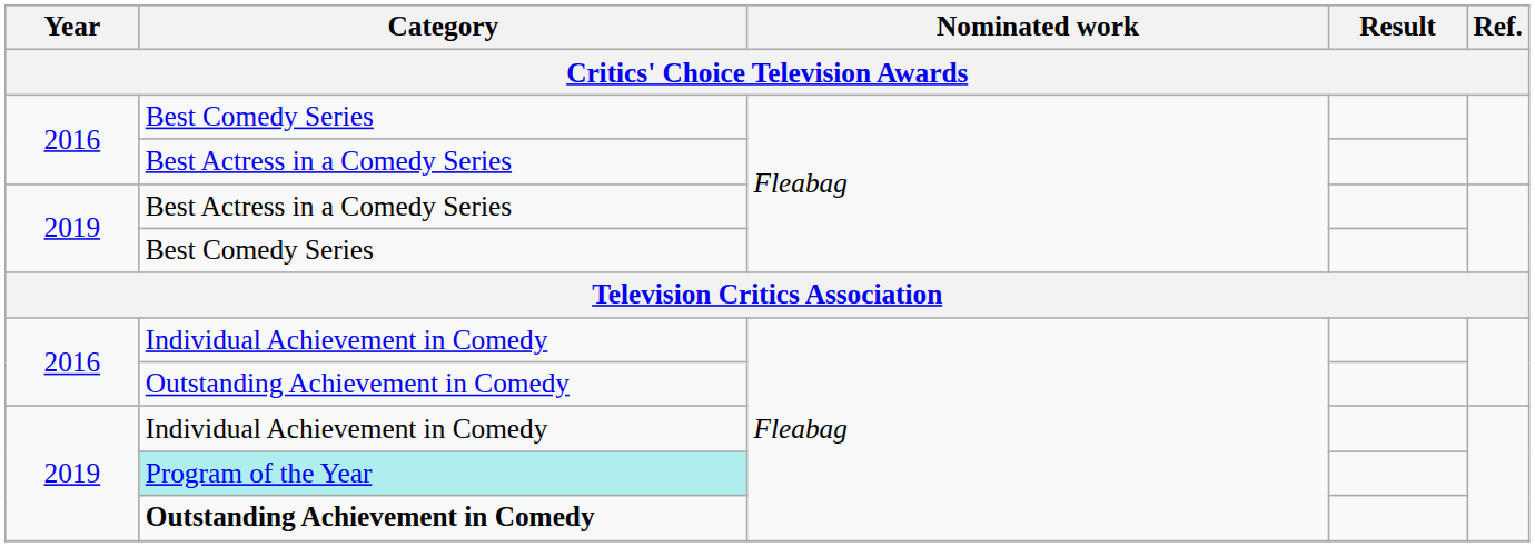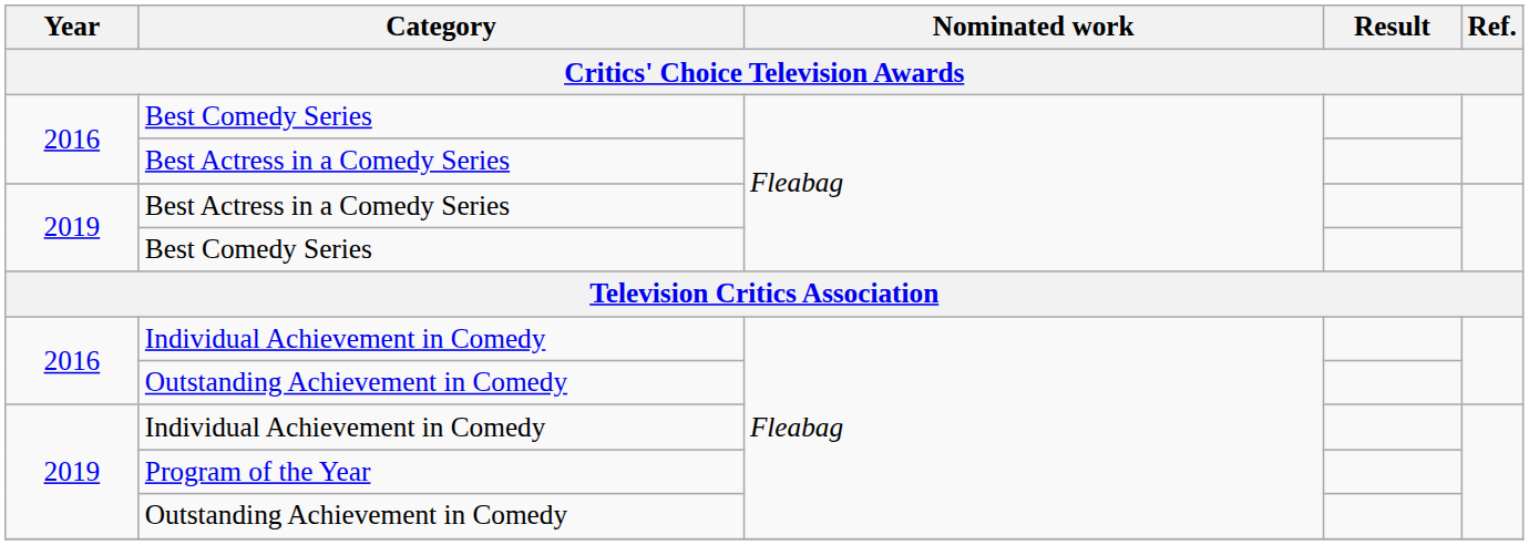 <table class=wikitable>
 <tr>
 <th scope="col" style="width:5em;">Year</th>
 <th scope="col" style="width:26em;">Category</th>
 <th scope="col" style="width:25em;">Nominated work</th>
 <th scope="col" style="width:5em;">Result</th>
 <th>Ref.</th>
 </tr>
 <tr>
 <th colspan=5><a href='#'>Critics' Choice Television Awards</a></th>
 </tr>
 <tr>
 <td style="text-align:center;", rowspan="2"><a href='#'>2016</a></td>
 <td><a href='#'>Best Comedy Series</a></td>
 <td rowspan=4><em>Fleabag</em></td>
 <td></td>
 <td rowspan="2"></td>
 </tr>
 <tr>
 <td><a href='#'>Best Actress in a Comedy Series</a></td>
 <td></td>
 </tr>
 <tr>
 <td style="text-align:center;", rowspan="2"><a href='#'>2019</a></td>
 <td>Best Actress in a Comedy Series</td>
 <td></td>
 <td rowspan="2"></td>
 </tr>
 <tr>
 <td>Best Comedy Series</td>
 <td></td>
 </tr>
 <tr>
 <th colspan=5><a href='#'>Television Critics Association</a></th>
 </tr>
 <tr>
 <td style="text-align:center;", rowspan="2"><a href='#'>2016</a></td>
 <td><a href='#'>Individual Achievement in Comedy</a></td>
 <td rowspan=5><em>Fleabag</em></td>
 <td></td>
 <td rowspan="2"></td>
 </tr>
 <tr>
 <td><a href='#'>Outstanding Achievement in Comedy</a></td>
 <td></td>
 </tr>
 <tr>
 <td style="text-align:center;", rowspan="3"><a href='#'>2019</a></td>
 <td>Individual Achievement in Comedy</td>
 <td></td>
 <td rowspan="3"></td>
 </tr>
 <tr>
-<td style="background: paleturquoise;"><a href='#'>Program of the Year</a></td>
+<td><a href='#'>Program of the Year</a></td>
 <td></td>
 </tr>
 <tr>
-<td><strong>Outstanding Achievement in Comedy</strong></td>
+<td>Outstanding Achievement in Comedy</td>
 <td></td>
 </tr>
 <tr>
 </tr>
 </table>
